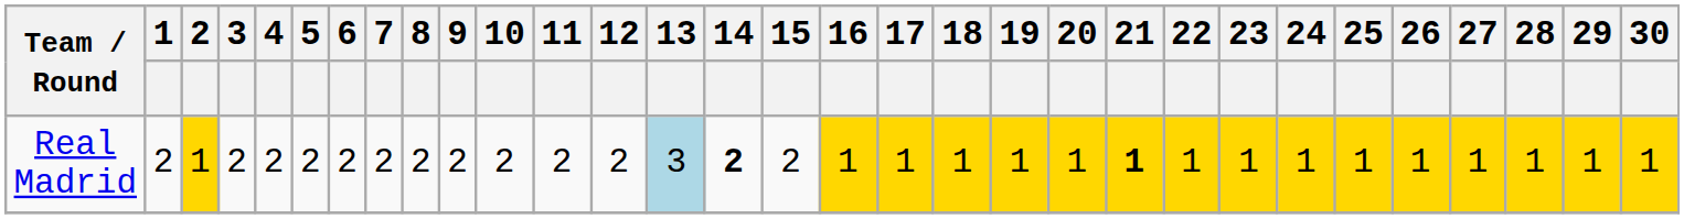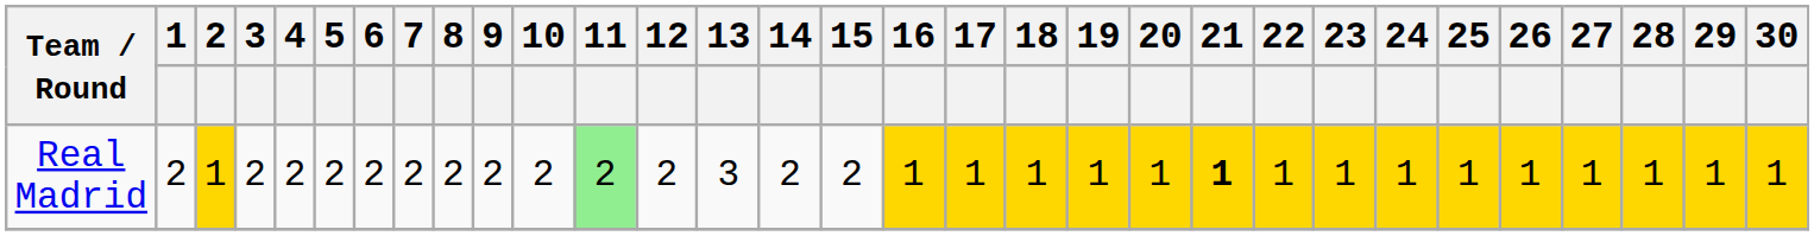 <table class="wikitable sortable" style="text-align:center;">
 <tr>
 <th width="120" rowspan="2" align="left"><small>Team /<br> Round</small></th>
 <th width="2">1</th>
 <th width="2">2</th>
 <th width="2">3</th>
 <th width="2">4</th>
 <th width="2">5</th>
 <th width="2">6</th>
 <th width="2">7</th>
 <th width="2">8</th>
 <th width="2">9</th>
 <th width="2">10</th>
 <th width="2">11</th>
 <th width="2">12</th>
 <th width="2">13</th>
 <th width="2">14</th>
 <th width="2">15</th>
 <th width="2">16</th>
 <th width="2">17</th>
 <th width="2">18</th>
 <th width="2">19</th>
 <th width="2">20</th>
 <th width="2">21</th>
 <th width="2">22</th>
 <th width="2">23</th>
 <th width="2">24</th>
 <th width="2">25</th>
 <th width="2">26</th>
 <th width="2">27</th>
 <th width="2">28</th>
 <th width="2">29</th>
 <th width="2">30</th>
 </tr>
 <tr>
 <th width="2"><br></th>
 <th width="2"></th>
 <th width="2"></th>
 <th width="2"></th>
 <th width="2"></th>
 <th width="2"></th>
 <th width="2"></th>
 <th width="2"></th>
 <th width="2"></th>
 <th width="2"></th>
 <th width="2"></th>
 <th width="2"></th>
 <th width="2"></th>
 <th width="2"></th>
 <th width="2"></th>
 <th width="2"></th>
 <th width="2"></th>
 <th width="2"></th>
 <th width="2"></th>
 <th width="2"></th>
 <th width="2"></th>
 <th width="2"></th>
 <th width="2"></th>
 <th width="2"></th>
 <th width="2"></th>
 <th width="2"></th>
 <th width="2"></th>
 <th width="2"></th>
 <th width="2"></th>
 <th width="2"></th>
 </tr>
 <tr>
 <td><a href='#'>Real Madrid</a></td>
 <td>2</td>
 <td style="background: #FFD700">1</td>
 <td>2</td>
 <td>2</td>
 <td>2</td>
 <td>2</td>
 <td>2</td>
 <td>2</td>
 <td>2</td>
 <td>2</td>
+<td style="background: lightgreen;">2</td>
 <td>2</td>
+<td>3</td>
 <td>2</td>
-<td style="background: lightblue;">3</td>
-<td><strong>2</strong></td>
 <td>2</td>
 <td style="background: #FFD700">1</td>
 <td style="background: #FFD700">1</td>
 <td style="background: #FFD700">1</td>
 <td style="background: #FFD700">1</td>
 <td style="background: #FFD700">1</td>
 <td style="background: #FFD700"><strong>1</strong></td>
 <td style="background: #FFD700">1</td>
 <td style="background: #FFD700">1</td>
 <td style="background: #FFD700">1</td>
 <td style="background: #FFD700">1</td>
 <td style="background: #FFD700">1</td>
 <td style="background: #FFD700">1</td>
 <td style="background: #FFD700">1</td>
 <td style="background: #FFD700">1</td>
 <td style="background: #FFD700">1</td>
 </tr>
 <tr>
 </tr>
 </table>
